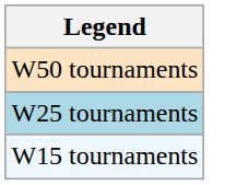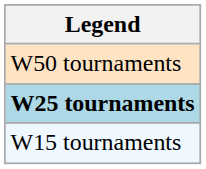 <table class="wikitable" style=font-size:85%>
 <tr>
 <th>Legend</th>
 </tr>
 <tr style=background:#ffe4c4>
 <td>W50 tournaments</td>
 </tr>
 <tr style=background:lightblue>
-<td>W25 tournaments</td>
+<td><strong>W25 tournaments</strong></td>
 </tr>
 <tr style=background:#f0f8ff>
 <td>W15 tournaments</td>
 </tr>
 </table>
